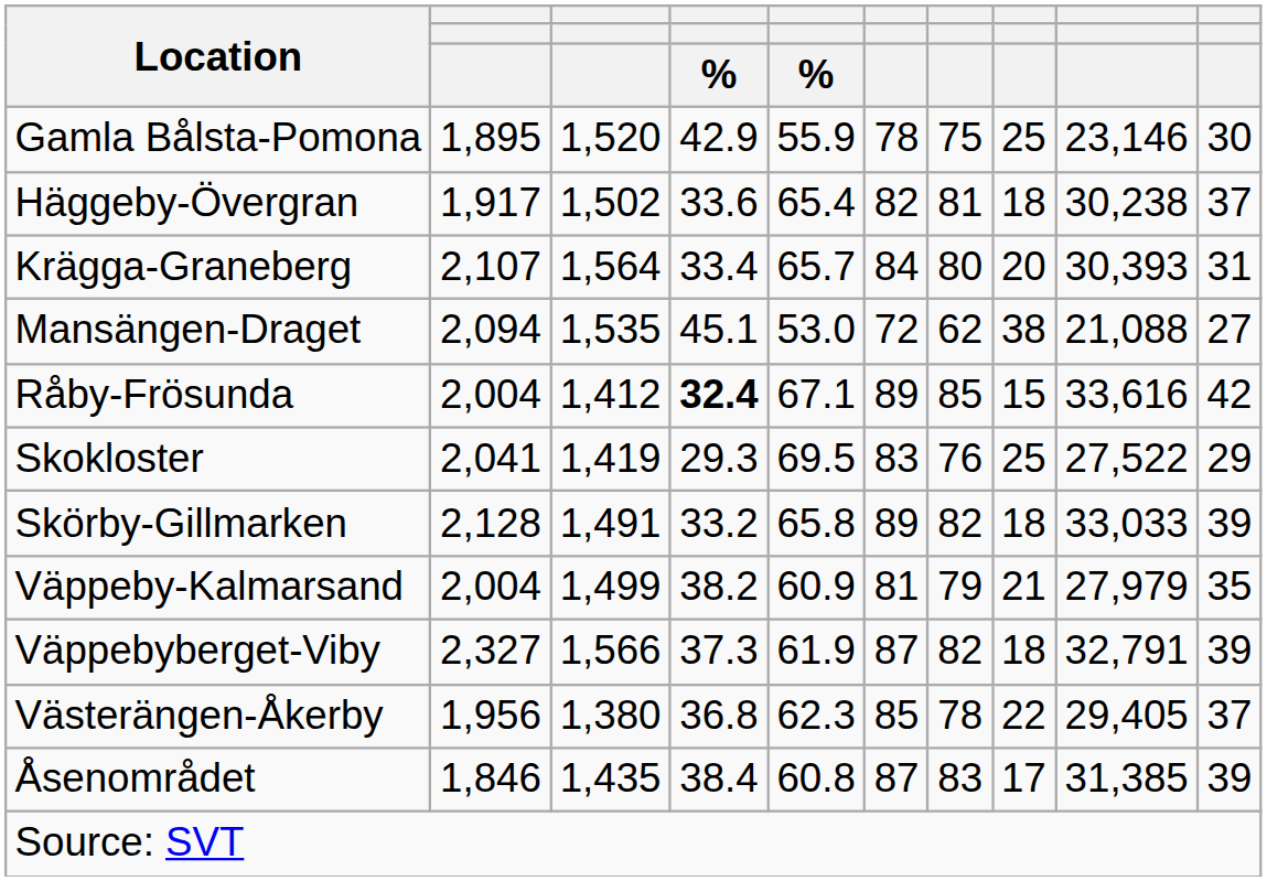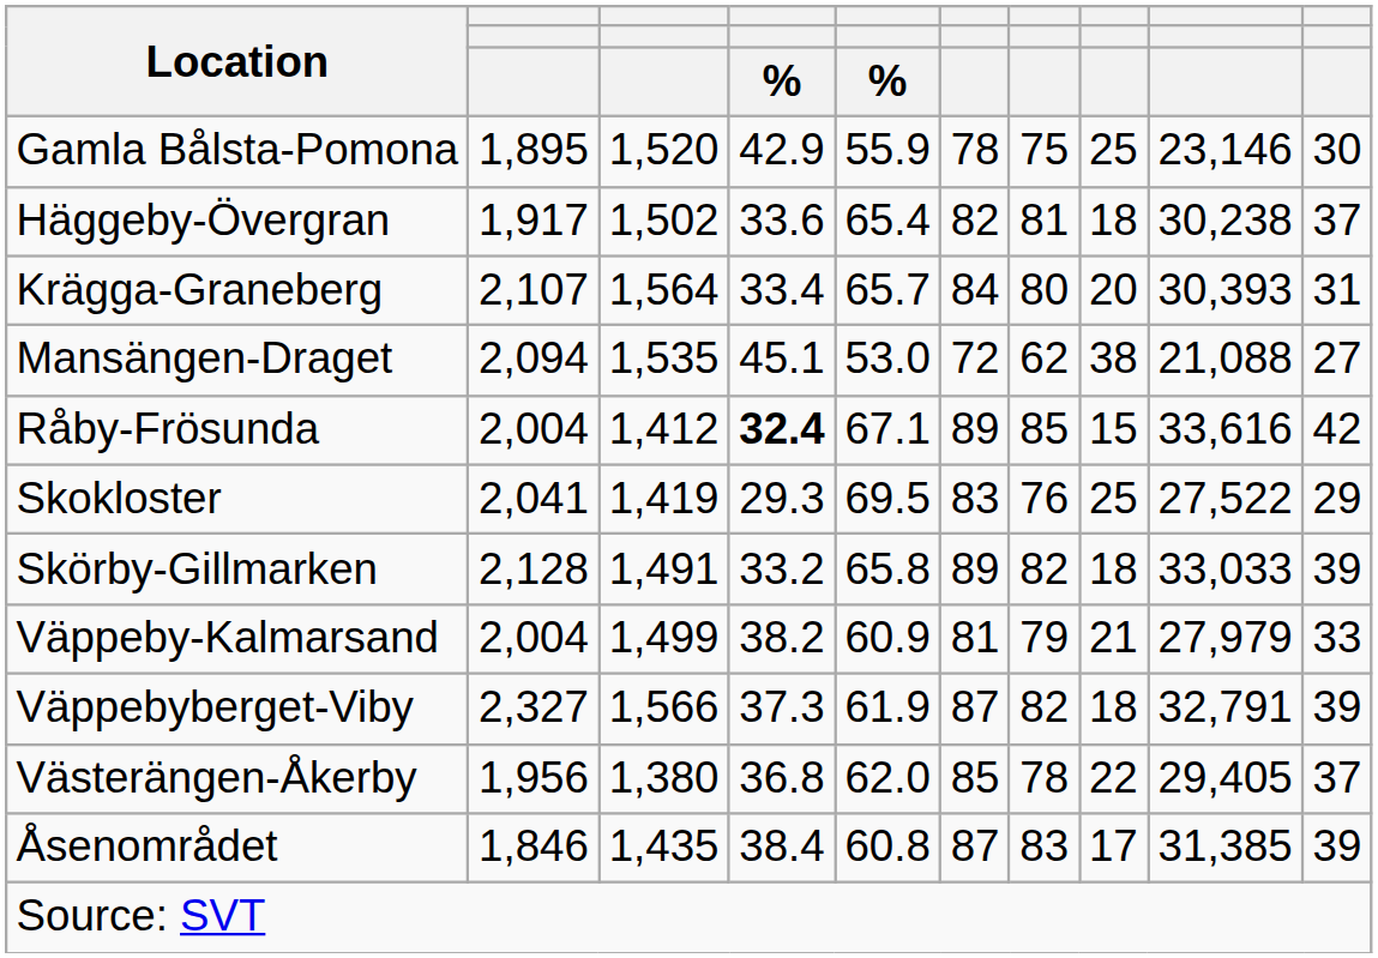 <table role="presentation" class="wikitable sortable mw-collapsible">
 <tr>
 <th rowspan="3">Location</th>
 <th></th>
 <th></th>
 <th></th>
 <th></th>
 <th></th>
 <th></th>
 <th></th>
 <th></th>
 <th></th>
 </tr>
 <tr>
 <th></th>
 <th></th>
 <th style="background:"></th>
 <th style="background:"></th>
 <th></th>
 <th></th>
 <th></th>
 <th></th>
 <th></th>
 </tr>
 <tr>
 <th data-sort-type="number"></th>
 <th data-sort-type="number"></th>
 <th data-sort-type="number">%</th>
 <th data-sort-type="number">%</th>
 <th data-sort-type="number"></th>
 <th data-sort-type="number"></th>
 <th data-sort-type="number"></th>
 <th data-sort-type="number"></th>
 <th data-sort-type="number"></th>
 </tr>
 <tr>
 <td align="left">Gamla Bålsta-Pomona</td>
 <td>1,895</td>
 <td>1,520</td>
 <td>42.9</td>
 <td>55.9</td>
 <td>78</td>
 <td>75</td>
 <td>25</td>
 <td>23,146</td>
 <td>30</td>
 </tr>
 <tr>
 <td align="left">Häggeby-Övergran</td>
 <td>1,917</td>
 <td>1,502</td>
 <td>33.6</td>
 <td>65.4</td>
 <td>82</td>
 <td>81</td>
 <td>18</td>
 <td>30,238</td>
 <td>37</td>
 </tr>
 <tr>
 <td align="left">Krägga-Graneberg</td>
 <td>2,107</td>
 <td>1,564</td>
 <td>33.4</td>
 <td>65.7</td>
 <td>84</td>
 <td>80</td>
 <td>20</td>
 <td>30,393</td>
 <td>31</td>
 </tr>
 <tr>
 <td align="left">Mansängen-Draget</td>
 <td>2,094</td>
 <td>1,535</td>
 <td>45.1</td>
 <td>53.0</td>
 <td>72</td>
 <td>62</td>
 <td>38</td>
 <td>21,088</td>
 <td>27</td>
 </tr>
 <tr>
 <td align="left">Råby-Frösunda</td>
 <td>2,004</td>
 <td>1,412</td>
 <td><strong>32.4</strong></td>
 <td>67.1</td>
 <td>89</td>
 <td>85</td>
 <td>15</td>
 <td>33,616</td>
 <td>42</td>
 </tr>
 <tr>
 <td align="left">Skokloster</td>
 <td>2,041</td>
 <td>1,419</td>
 <td>29.3</td>
 <td>69.5</td>
 <td>83</td>
 <td>76</td>
 <td>25</td>
 <td>27,522</td>
 <td>29</td>
 </tr>
 <tr>
 <td align="left">Skörby-Gillmarken</td>
 <td>2,128</td>
 <td>1,491</td>
 <td>33.2</td>
 <td>65.8</td>
 <td>89</td>
 <td>82</td>
 <td>18</td>
 <td>33,033</td>
 <td>39</td>
 </tr>
 <tr>
 <td align="left">Väppeby-Kalmarsand</td>
 <td>2,004</td>
 <td>1,499</td>
 <td>38.2</td>
 <td>60.9</td>
 <td>81</td>
 <td>79</td>
 <td>21</td>
 <td>27,979</td>
-<td>35</td>
+<td>33</td>
 </tr>
 <tr>
 <td align="left">Väppebyberget-Viby</td>
 <td>2,327</td>
 <td>1,566</td>
 <td>37.3</td>
 <td>61.9</td>
 <td>87</td>
 <td>82</td>
 <td>18</td>
 <td>32,791</td>
 <td>39</td>
 </tr>
 <tr>
 <td align="left">Västerängen-Åkerby</td>
 <td>1,956</td>
 <td>1,380</td>
 <td>36.8</td>
-<td>62.3</td>
+<td>62.0</td>
 <td>85</td>
 <td>78</td>
 <td>22</td>
 <td>29,405</td>
 <td>37</td>
 </tr>
 <tr>
 <td align="left">Åsenområdet</td>
 <td>1,846</td>
 <td>1,435</td>
 <td>38.4</td>
 <td>60.8</td>
 <td>87</td>
 <td>83</td>
 <td>17</td>
 <td>31,385</td>
 <td>39</td>
 </tr>
 <tr>
 <td colspan="10" align="left">Source: <a href='#'>SVT</a></td>
 </tr>
 </table>
